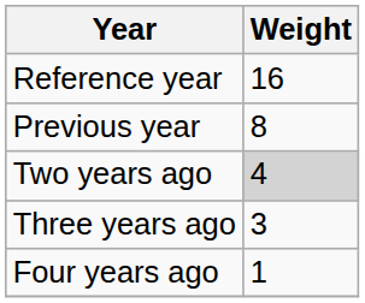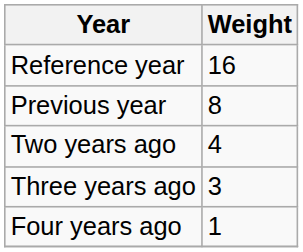 <table class="wikitable">
 <tr>
 <th>Year</th>
 <th>Weight</th>
 </tr>
 <tr>
 <td>Reference year</td>
 <td>16</td>
 </tr>
 <tr>
 <td>Previous year</td>
 <td>8</td>
 </tr>
 <tr>
 <td>Two years ago</td>
-<td style="background: lightgrey;">4</td>
+<td>4</td>
 </tr>
 <tr>
 <td>Three years ago</td>
 <td>3</td>
 </tr>
 <tr>
 <td>Four years ago</td>
 <td>1</td>
 </tr>
 <tr>
 </tr>
 </table>
